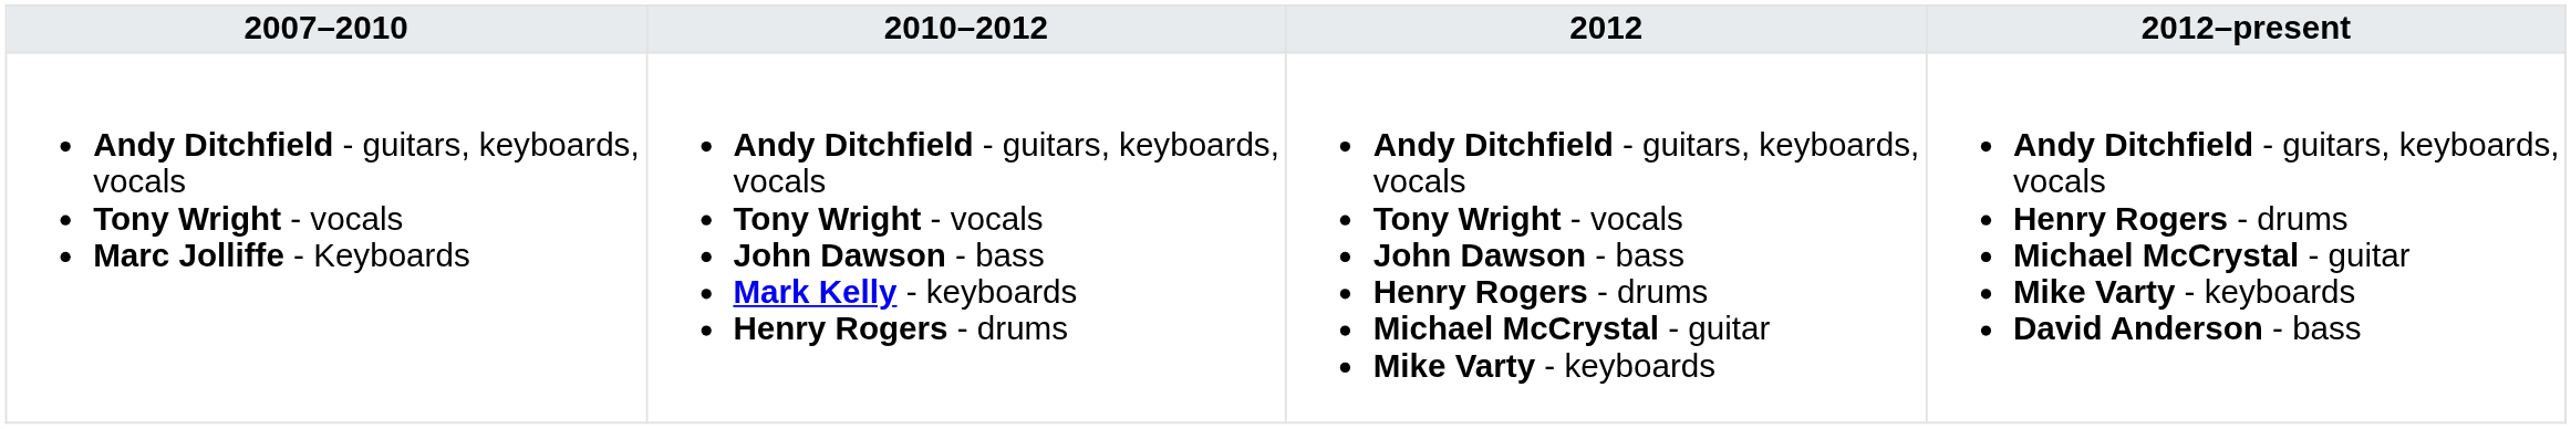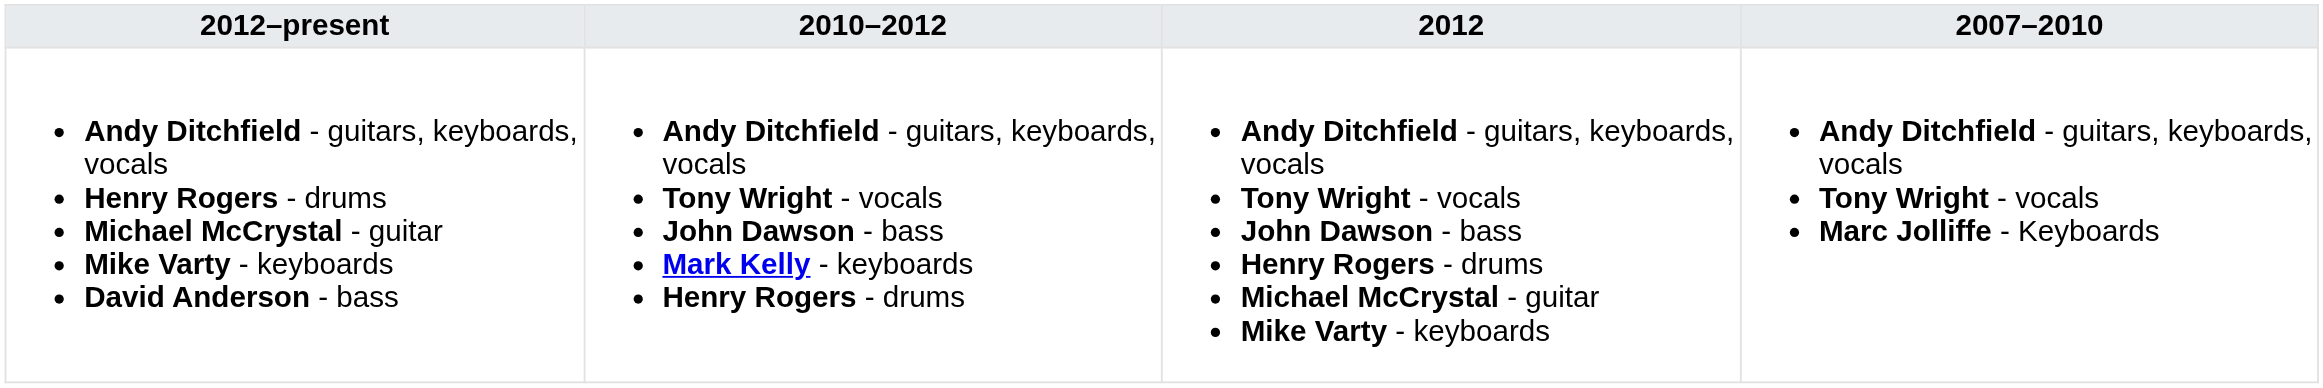 <table class="toccolours" border=1 cellpadding=2 cellspacing=0 style="float: width: 375px; margin: 0 0 1em 1em; border-collapse: collapse; border: 1px solid #E2E2E2;" width=99%>
 <tr>
-<th bgcolor="#E7EBEE" valign=top width=25%>2007–2010</th>
+<th bgcolor="#E7EBEE" valign=top width=25%>2012–present</th>
 <th bgcolor="#E7EBEE" valign=top width=25%>2010–2012</th>
 <th bgcolor="#E7EBEE" valign=top width=25%>2012</th>
-<th bgcolor="#E7EBEE" valign=top width=25%>2012–present</th>
+<th bgcolor="#E7EBEE" valign=top width=25%>2007–2010</th>
 </tr>
 <tr>
-<td valign=top><br><ul><li><strong>Andy Ditchfield</strong> - guitars, keyboards, vocals</li><li><strong>Tony Wright</strong> - vocals</li><li><strong>Marc Jolliffe</strong> - Keyboards</li></ul></td>
+<td valign=top><br><ul><li><strong>Andy Ditchfield</strong> - guitars, keyboards, vocals</li><li><strong>Henry Rogers</strong> - drums</li><li><strong>Michael McCrystal</strong> - guitar</li><li><strong>Mike Varty</strong> - keyboards</li><li><strong>David Anderson</strong> - bass</li></ul></td>
 <td valign=top><br><ul><li><strong>Andy Ditchfield</strong> - guitars, keyboards, vocals</li><li><strong>Tony Wright</strong> - vocals</li><li><strong>John Dawson</strong> - bass</li><li><strong><a href='#'>Mark Kelly</a></strong> - keyboards</li><li><strong>Henry Rogers</strong> - drums</li></ul></td>
 <td valign=top><br><ul><li><strong>Andy Ditchfield</strong> - guitars, keyboards, vocals</li><li><strong>Tony Wright</strong> - vocals</li><li><strong>John Dawson</strong> - bass</li><li><strong>Henry Rogers</strong> - drums</li><li><strong>Michael McCrystal</strong> - guitar</li><li><strong>Mike Varty</strong> - keyboards</li></ul></td>
-<td valign=top><br><ul><li><strong>Andy Ditchfield</strong> - guitars, keyboards, vocals</li><li><strong>Henry Rogers</strong> - drums</li><li><strong>Michael McCrystal</strong> - guitar</li><li><strong>Mike Varty</strong> - keyboards</li><li><strong>David Anderson</strong> - bass</li></ul></td>
+<td valign=top><br><ul><li><strong>Andy Ditchfield</strong> - guitars, keyboards, vocals</li><li><strong>Tony Wright</strong> - vocals</li><li><strong>Marc Jolliffe</strong> - Keyboards</li></ul></td>
 </tr>
 </table>
